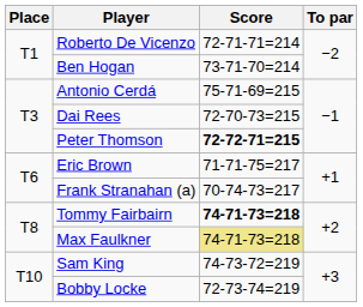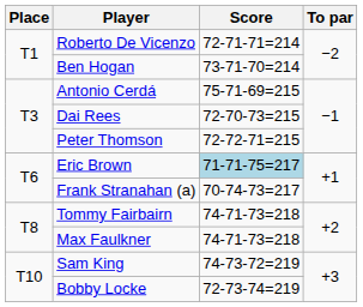 <table class=wikitable>
 <tr>
 <th>Place</th>
 <th>Player</th>
 <th>Score</th>
 <th>To par</th>
 </tr>
 <tr>
 <td rowspan=2 align=center>T1</td>
 <td> <a href='#'>Roberto De Vicenzo</a></td>
 <td>72-71-71=214</td>
 <td rowspan=2 align=center>−2</td>
 </tr>
 <tr>
 <td> <a href='#'>Ben Hogan</a></td>
 <td>73-71-70=214</td>
 </tr>
 <tr>
 <td rowspan=3 align=center>T3</td>
 <td> <a href='#'>Antonio Cerdá</a></td>
 <td>75-71-69=215</td>
 <td rowspan=3 align=center>−1</td>
 </tr>
 <tr>
 <td> <a href='#'>Dai Rees</a></td>
 <td>72-70-73=215</td>
 </tr>
 <tr>
 <td> <a href='#'>Peter Thomson</a></td>
-<td><strong>72-72-71=215</strong></td>
+<td>72-72-71=215</td>
 </tr>
 <tr>
 <td rowspan=2 align=center>T6</td>
 <td> <a href='#'>Eric Brown</a></td>
-<td>71-71-75=217</td>
+<td style="background: lightblue;">71-71-75=217</td>
 <td rowspan=2 align=center>+1</td>
 </tr>
 <tr>
 <td> <a href='#'>Frank Stranahan</a> (a)</td>
 <td>70-74-73=217</td>
 </tr>
 <tr>
 <td rowspan=2 align=center>T8</td>
 <td> <a href='#'>Tommy Fairbairn</a></td>
-<td><strong>74-71-73=218</strong></td>
+<td>74-71-73=218</td>
 <td rowspan=2 align=center>+2</td>
 </tr>
 <tr>
 <td> <a href='#'>Max Faulkner</a></td>
-<td style="background: khaki;">74-71-73=218</td>
+<td>74-71-73=218</td>
 </tr>
 <tr>
 <td rowspan=2 align=center>T10</td>
 <td> <a href='#'>Sam King</a></td>
 <td>74-73-72=219</td>
 <td rowspan=2 align=center>+3</td>
 </tr>
 <tr>
 <td> <a href='#'>Bobby Locke</a></td>
 <td>72-73-74=219</td>
 </tr>
 </table>
